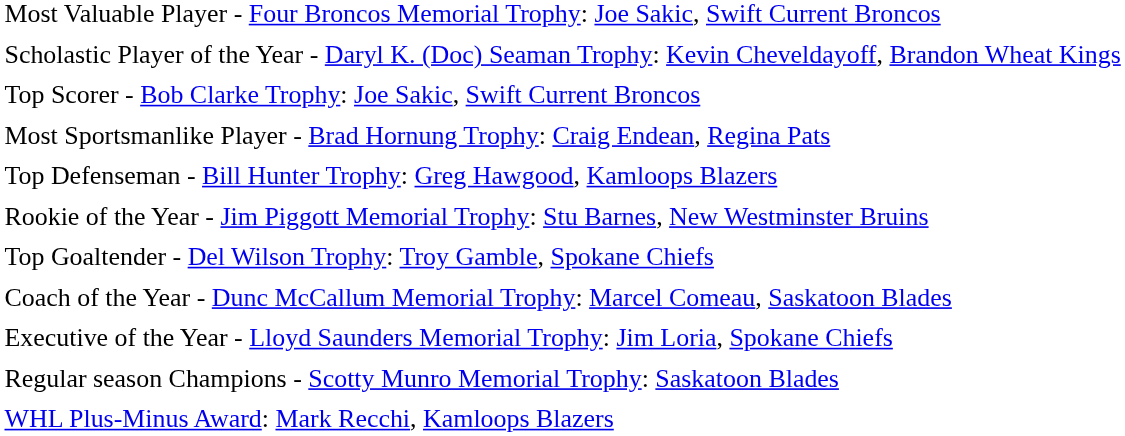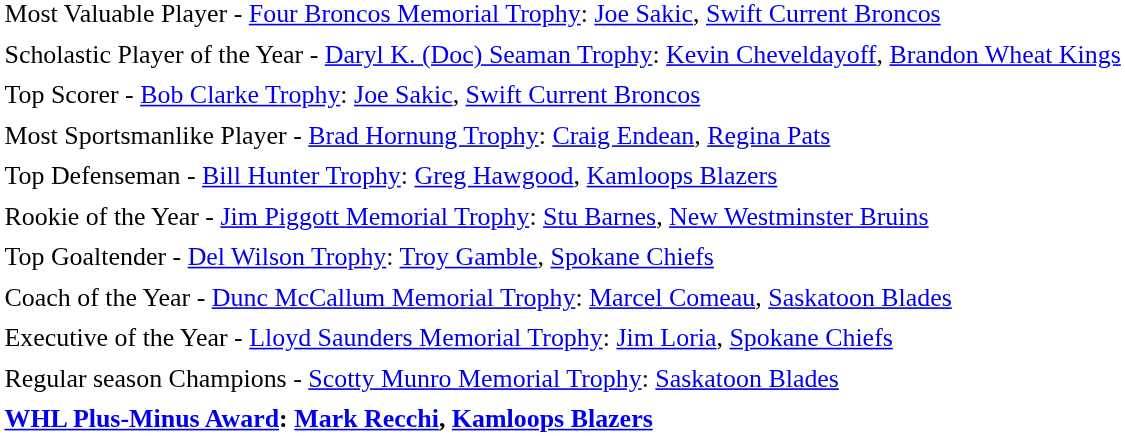 <table cellpadding="3" cellspacing="1">
 <tr>
 <td>Most Valuable Player - <a href='#'>Four Broncos Memorial Trophy</a>: <a href='#'>Joe Sakic</a>, <a href='#'>Swift Current Broncos</a></td>
 </tr>
 <tr>
 <td>Scholastic Player of the Year - <a href='#'>Daryl K. (Doc) Seaman Trophy</a>: <a href='#'>Kevin Cheveldayoff</a>, <a href='#'>Brandon Wheat Kings</a></td>
 </tr>
 <tr>
 <td>Top Scorer - <a href='#'>Bob Clarke Trophy</a>: <a href='#'>Joe Sakic</a>, <a href='#'>Swift Current Broncos</a></td>
 </tr>
 <tr>
 <td>Most Sportsmanlike Player - <a href='#'>Brad Hornung Trophy</a>: <a href='#'>Craig Endean</a>, <a href='#'>Regina Pats</a></td>
 </tr>
 <tr>
 <td>Top Defenseman - <a href='#'>Bill Hunter Trophy</a>: <a href='#'>Greg Hawgood</a>, <a href='#'>Kamloops Blazers</a></td>
 </tr>
 <tr>
 <td>Rookie of the Year - <a href='#'>Jim Piggott Memorial Trophy</a>: <a href='#'>Stu Barnes</a>, <a href='#'>New Westminster Bruins</a></td>
 </tr>
 <tr>
 <td>Top Goaltender - <a href='#'>Del Wilson Trophy</a>: <a href='#'>Troy Gamble</a>, <a href='#'>Spokane Chiefs</a></td>
 </tr>
 <tr>
 <td>Coach of the Year - <a href='#'>Dunc McCallum Memorial Trophy</a>: <a href='#'>Marcel Comeau</a>, <a href='#'>Saskatoon Blades</a></td>
 </tr>
 <tr>
 <td>Executive of the Year - <a href='#'>Lloyd Saunders Memorial Trophy</a>: <a href='#'>Jim Loria</a>, <a href='#'>Spokane Chiefs</a></td>
 </tr>
 <tr>
 <td>Regular season Champions - <a href='#'>Scotty Munro Memorial Trophy</a>: <a href='#'>Saskatoon Blades</a></td>
 </tr>
 <tr>
-<td><a href='#'>WHL Plus-Minus Award</a>: <a href='#'>Mark Recchi</a>, <a href='#'>Kamloops Blazers</a></td>
+<td><strong><a href='#'>WHL Plus-Minus Award</a>: <a href='#'>Mark Recchi</a>, <a href='#'>Kamloops Blazers</a></strong></td>
 </tr>
 </table>
